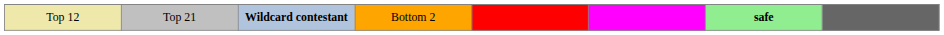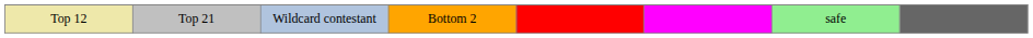 <table border="2" cellpadding="8" style="margin:1em auto; background:silver; border:1px solid gray; border-collapse:collapse; text-align:center;">
 <tr>
 </tr>
 <tr>
 <td style="background:palegoldenrod;" width="7%">Top 12</td>
 <td width="7%">Top 21</td>
-<td style="background:lightsteelblue;" width="7%"><strong>Wildcard contestant</strong></td>
+<td style="background:lightsteelblue;" width="7%">Wildcard contestant</td>
 <td style="background:orange;" width="7%">Bottom 2</td>
 <td style="background:red;" width="7%"></td>
 <td style="background:magenta;" width="7%"></td>
-<td style="background:lightgreen;" width="7%"><strong>safe</strong></td>
+<td style="background:lightgreen;" width="7%">safe</td>
 <td style="background:#666666;" width="7%"><br></td>
 </tr>
 </table>
